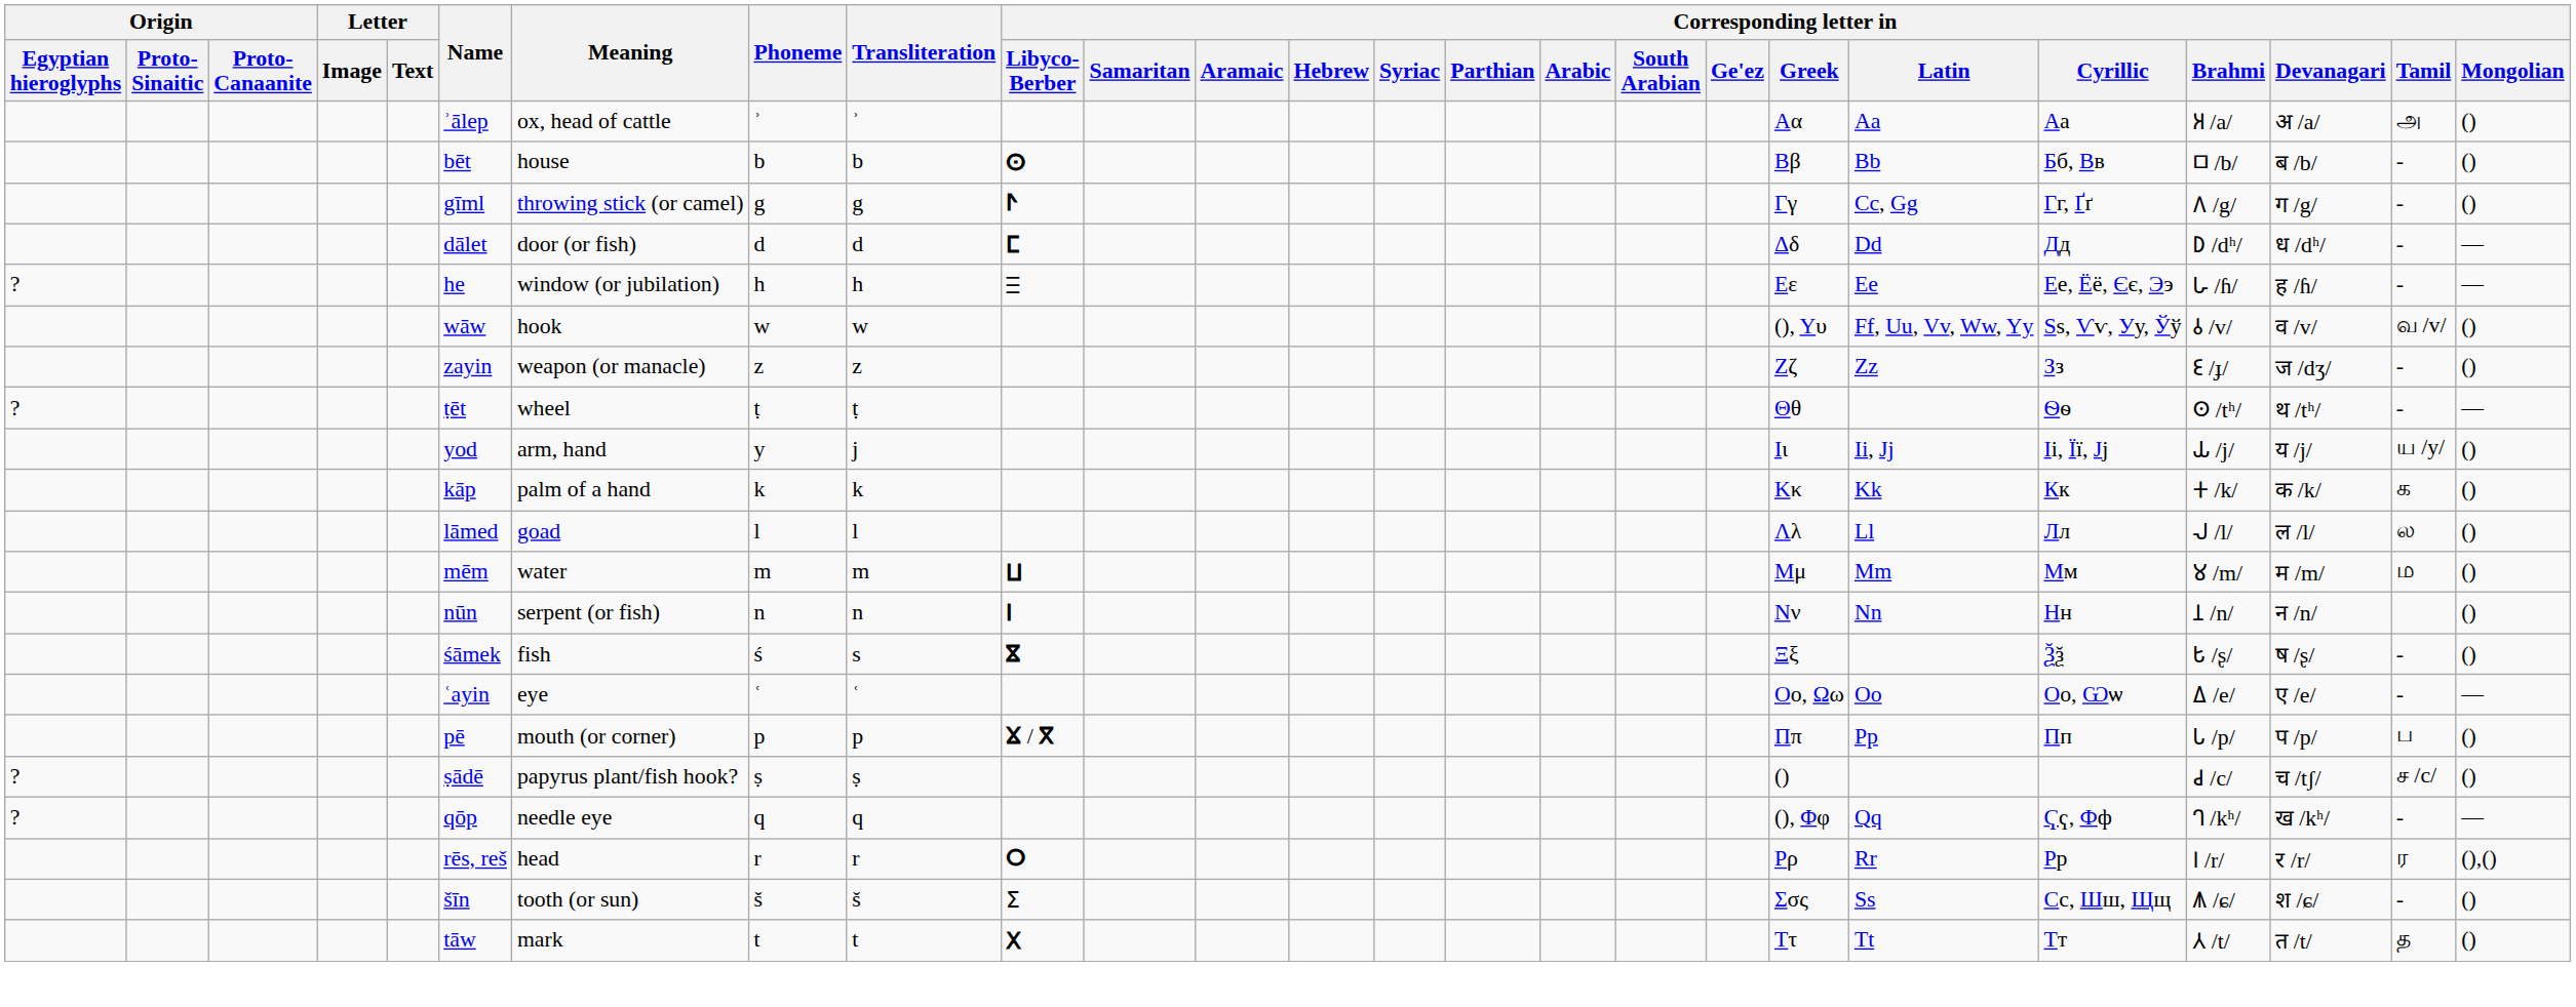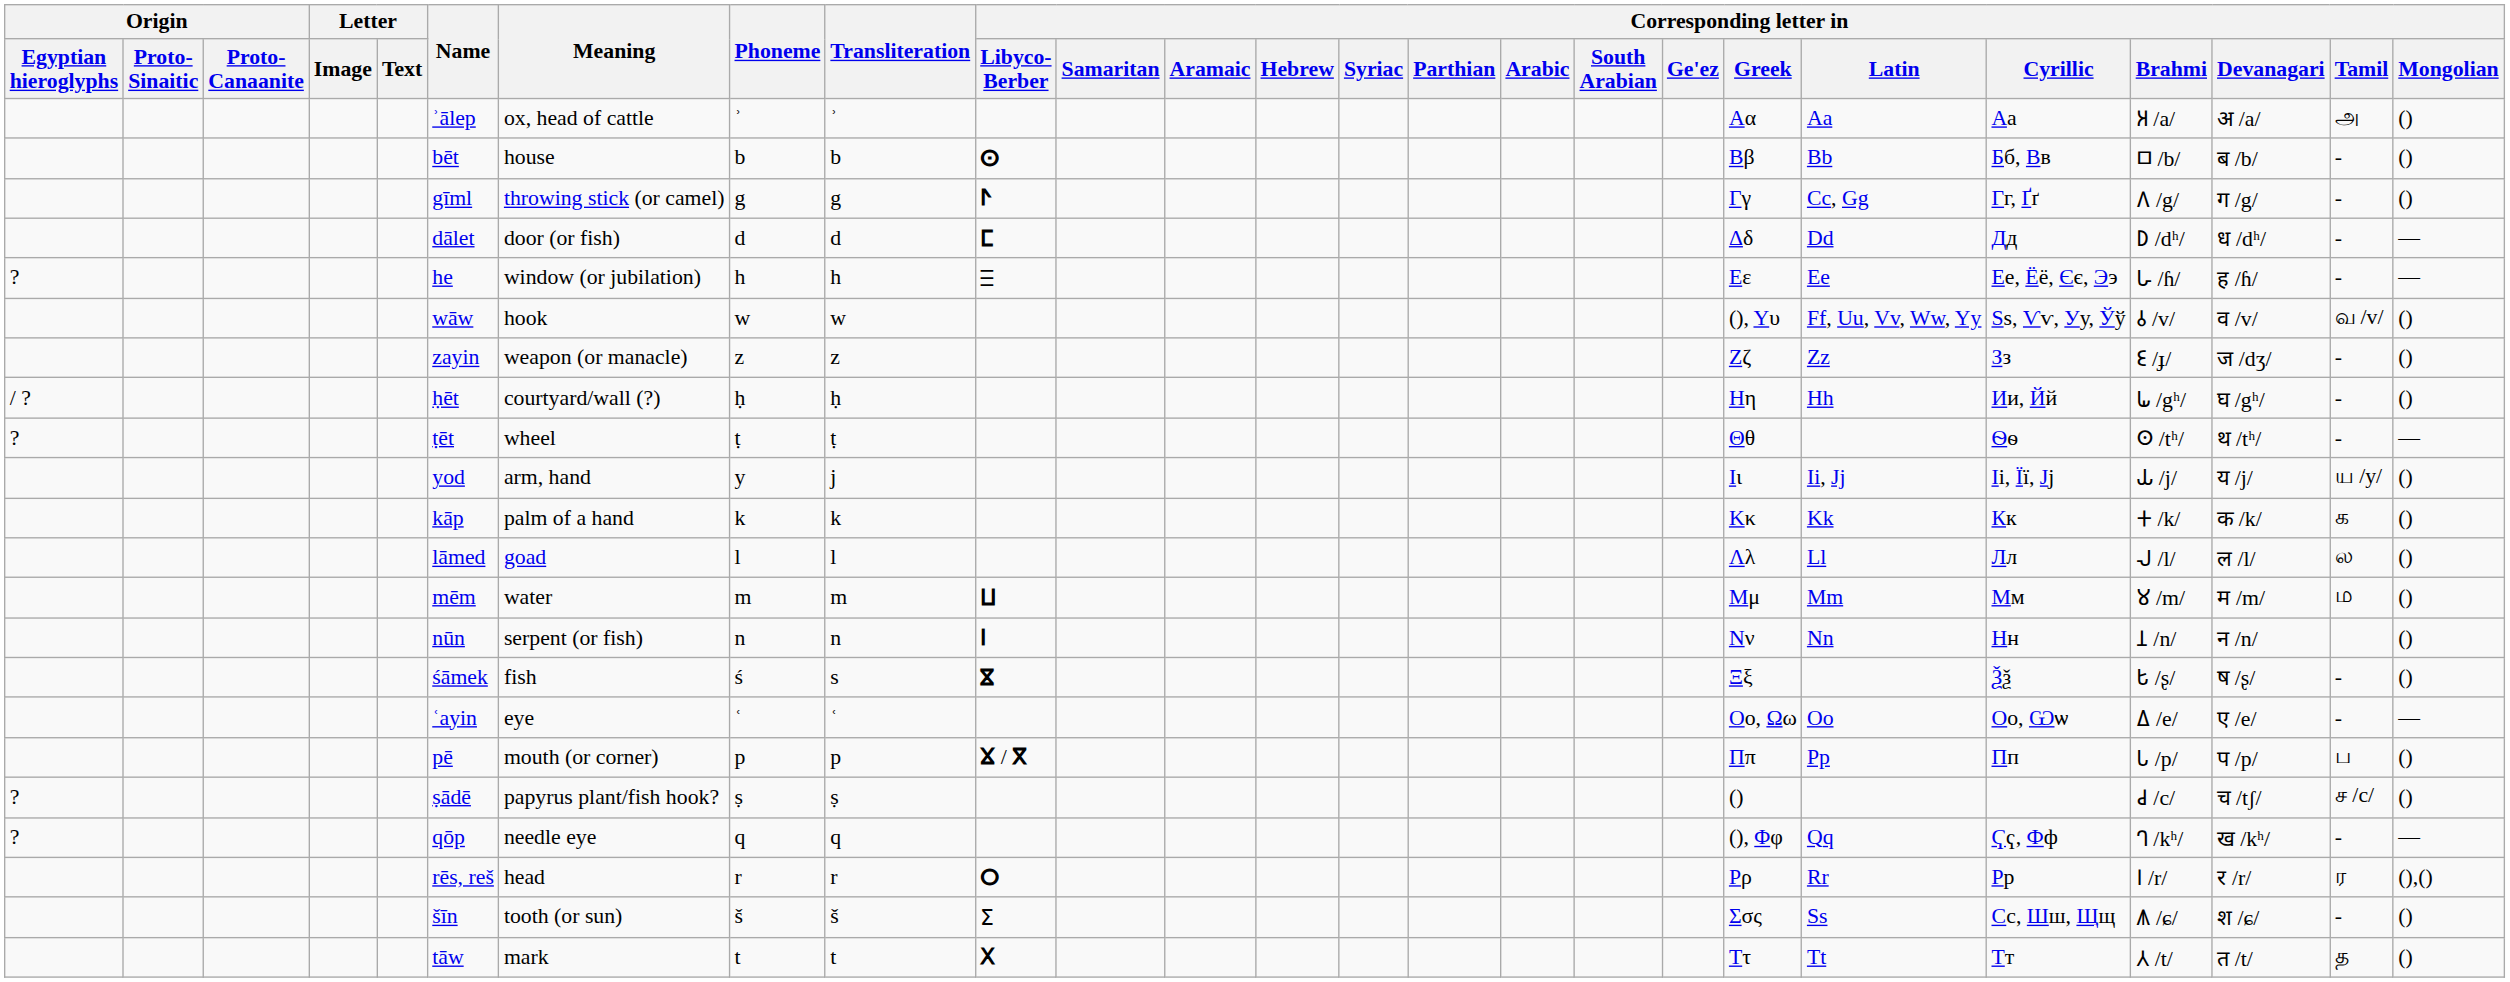 <table class="wikitable" id="letters_chart" style="margin-bottom:0;">
 <tr>
 <th colspan="3">Origin</th>
 <th colspan="2">Letter</th>
 <th rowspan="2">Name</th>
 <th rowspan="2">Meaning</th>
 <th rowspan="2"><a href='#'>Phoneme</a></th>
 <th rowspan="2"><a href='#'>Trans­literation</a></th>
 <th colspan="16">Corresponding letter in</th>
 </tr>
 <tr>
 <th><a href='#'>Egyptian<br>hieroglyphs</a></th>
 <th><a href='#'>Proto-<br>Sinaitic</a></th>
 <th><a href='#'>Proto-<br>Canaanite</a></th>
 <th>Image</th>
 <th>Text</th>
 <th><a href='#'>Libyco-<br>Berber</a></th>
 <th><a href='#'>Samaritan</a></th>
 <th><a href='#'>Aramaic</a></th>
 <th><a href='#'>Hebrew</a></th>
 <th><a href='#'>Syriac</a></th>
 <th><a href='#'>Parthian</a></th>
 <th><a href='#'>Arabic</a></th>
 <th><a href='#'>South<br>Arabian</a></th>
 <th><a href='#'>Ge'ez</a></th>
 <th><a href='#'>Greek</a></th>
 <th><a href='#'>Latin</a></th>
 <th><a href='#'>Cyrillic</a></th>
 <th><a href='#'>Brahmi</a></th>
 <th><a href='#'>Devana­gari</a></th>
 <th><a href='#'>Tamil</a></th>
 <th><a href='#'>Mongolian</a></th>
 </tr>
 <tr>
 <td></td>
 <td></td>
 <td></td>
 <td></td>
 <td></td>
 <td><a href='#'>ʾālep</a></td>
 <td>ox, head of cattle</td>
 <td>ʾ </td>
 <td>ʾ</td>
 <td></td>
 <td></td>
 <td></td>
 <td></td>
 <td></td>
 <td></td>
 <td></td>
 <td></td>
 <td></td>
 <td><a href='#'>Α</a>α</td>
 <td><a href='#'>Aa</a></td>
 <td><a href='#'>А</a>а</td>
 <td>𑀅 /a/</td>
 <td>अ /a/</td>
 <td>அ</td>
 <td>(<em></em>)</td>
 </tr>
 <tr>
 <td></td>
 <td></td>
 <td></td>
 <td></td>
 <td></td>
 <td><a href='#'>bēt</a></td>
 <td>house</td>
 <td>b </td>
 <td>b</td>
 <td><strong>ⵙ</strong></td>
 <td></td>
 <td></td>
 <td></td>
 <td></td>
 <td></td>
 <td></td>
 <td></td>
 <td></td>
 <td><a href='#'>Β</a>β</td>
 <td><a href='#'>Bb</a></td>
 <td><a href='#'>Б</a>б, <a href='#'>В</a>в</td>
 <td>𑀩 /b/</td>
 <td>ब /b/</td>
 <td>-</td>
 <td>(<em></em>)</td>
 </tr>
 <tr>
 <td></td>
 <td></td>
 <td></td>
 <td></td>
 <td></td>
 <td><a href='#'>gīml</a></td>
 <td><a href='#'>throwing stick</a> (or camel)</td>
 <td>g </td>
 <td>g</td>
 <td><strong>ⵤ</strong></td>
 <td></td>
 <td></td>
 <td></td>
 <td></td>
 <td></td>
 <td></td>
 <td></td>
 <td></td>
 <td><a href='#'>Γ</a>γ</td>
 <td><a href='#'>Cc</a>, <a href='#'>Gg</a></td>
 <td><a href='#'>Г</a>г, <a href='#'>Ґ</a>ґ</td>
 <td>𑀕 /g/</td>
 <td>ग /g/</td>
 <td>-</td>
 <td>(<em></em>)</td>
 </tr>
 <tr>
 <td></td>
 <td> </td>
 <td></td>
 <td></td>
 <td></td>
 <td><a href='#'>dālet</a></td>
 <td>door (or fish)</td>
 <td>d </td>
 <td>d</td>
 <td><strong>ⵎ</strong></td>
 <td></td>
 <td></td>
 <td></td>
 <td></td>
 <td></td>
 <td></td>
 <td></td>
 <td></td>
 <td><a href='#'>Δ</a>δ</td>
 <td><a href='#'>Dd</a></td>
 <td><a href='#'>Д</a>д</td>
 <td>𑀥 /dʰ/</td>
 <td>ध /dʰ/</td>
 <td>-</td>
 <td>—</td>
 </tr>
 <tr>
 <td>?</td>
 <td></td>
 <td></td>
 <td></td>
 <td></td>
 <td><a href='#'>he</a></td>
 <td>window (or jubilation)</td>
 <td>h </td>
 <td>h</td>
 <td>Ⲷ</td>
 <td></td>
 <td></td>
 <td></td>
 <td></td>
 <td></td>
 <td></td>
 <td></td>
 <td></td>
 <td><a href='#'>Ε</a>ε</td>
 <td><a href='#'>Ee</a></td>
 <td><a href='#'>Е</a>е, <a href='#'>Ё</a>ё, <a href='#'>Є</a>є, <a href='#'>Э</a>э</td>
 <td>𑀳 /ɦ/</td>
 <td>ह /ɦ/</td>
 <td>-</td>
 <td>—</td>
 </tr>
 <tr>
 <td></td>
 <td></td>
 <td></td>
 <td></td>
 <td></td>
 <td><a href='#'>wāw</a></td>
 <td>hook</td>
 <td>w </td>
 <td>w</td>
 <td></td>
 <td></td>
 <td></td>
 <td></td>
 <td></td>
 <td></td>
 <td></td>
 <td></td>
 <td></td>
 <td>(), <a href='#'>Υ</a>υ</td>
 <td><a href='#'>Ff</a>, <a href='#'>Uu</a>, <a href='#'>Vv</a>, <a href='#'>Ww</a>, <a href='#'>Yy</a></td>
 <td><a href='#'>Ѕ</a>ѕ, <a href='#'>Ѵ</a>ѵ, <a href='#'>У</a>у, <a href='#'>Ў</a>ў</td>
 <td>𑀯 /v/</td>
 <td>व /v/</td>
 <td>வ /v/</td>
 <td>(<em></em>)</td>
 </tr>
 <tr>
 <td></td>
 <td></td>
 <td></td>
 <td></td>
 <td></td>
 <td><a href='#'>zayin</a></td>
 <td>weapon (or manacle)</td>
 <td>z </td>
 <td>z</td>
 <td></td>
 <td></td>
 <td></td>
 <td></td>
 <td></td>
 <td></td>
 <td></td>
 <td></td>
 <td></td>
 <td><a href='#'>Ζ</a>ζ</td>
 <td><a href='#'>Zz</a></td>
 <td><a href='#'>З</a>з</td>
 <td>𑀚 /ɟ/</td>
 <td>ज /dʒ/</td>
+<td>-</td>
+<td>(<em></em>)</td>
+</tr>
+<tr>
+<td> / ?</td>
+<td></td>
+<td></td>
+<td></td>
+<td></td>
+<td><a href='#'>ḥēt</a></td>
+<td>courtyard/<wbr>wall (?)</td>
+<td>ḥ </td>
+<td>ḥ</td>
+<td></td>
+<td></td>
+<td></td>
+<td></td>
+<td></td>
+<td></td>
+<td></td>
+<td></td>
+<td></td>
+<td><a href='#'>Η</a>η</td>
+<td><a href='#'>Hh</a></td>
+<td><a href='#'>И</a>и, <a href='#'>Й</a>й</td>
+<td>𑀖 /gʰ/</td>
+<td>घ /gʰ/</td>
 <td>-</td>
 <td>(<em></em>)</td>
 </tr>
 <tr>
 <td>?</td>
 <td></td>
 <td></td>
 <td></td>
 <td></td>
 <td><a href='#'>ṭēt</a></td>
 <td>wheel</td>
 <td>ṭ </td>
 <td>ṭ</td>
 <td></td>
 <td></td>
 <td></td>
 <td></td>
 <td></td>
 <td></td>
 <td></td>
 <td></td>
 <td></td>
 <td><a href='#'>Θ</a>θ</td>
 <td></td>
 <td><a href='#'>Ѳ</a>ѳ</td>
 <td>𑀣 /tʰ/</td>
 <td>थ /tʰ/</td>
 <td>-</td>
 <td>—</td>
 </tr>
 <tr>
 <td></td>
 <td> </td>
 <td></td>
 <td></td>
 <td></td>
 <td><a href='#'>yod</a></td>
 <td>arm, hand</td>
 <td>y </td>
 <td>j</td>
 <td></td>
 <td></td>
 <td></td>
 <td></td>
 <td></td>
 <td></td>
 <td></td>
 <td></td>
 <td></td>
 <td><a href='#'>Ι</a>ι</td>
 <td><a href='#'>Ιi</a>, <a href='#'>Jj</a></td>
 <td><a href='#'>І</a>і, <a href='#'>Ї</a>ї, <a href='#'>Ј</a>ј</td>
 <td>𑀬 /j/</td>
 <td>य /j/</td>
 <td>ய /y/</td>
 <td>(<em></em>)</td>
 </tr>
 <tr>
 <td></td>
 <td></td>
 <td></td>
 <td></td>
 <td></td>
 <td><a href='#'>kāp</a></td>
 <td>palm of a hand</td>
 <td>k </td>
 <td>k</td>
 <td></td>
 <td></td>
 <td></td>
 <td></td>
 <td></td>
 <td></td>
 <td></td>
 <td></td>
 <td></td>
 <td><a href='#'>Κ</a>κ</td>
 <td><a href='#'>Kk</a></td>
 <td><a href='#'>К</a>к</td>
 <td>𑀓 /k/</td>
 <td>क /k/</td>
 <td>க</td>
 <td>(<em></em>)</td>
 </tr>
 <tr>
 <td></td>
 <td></td>
 <td></td>
 <td></td>
 <td></td>
 <td><a href='#'>lāmed</a></td>
 <td><a href='#'>goad</a></td>
 <td>l </td>
 <td>l</td>
 <td></td>
 <td></td>
 <td></td>
 <td></td>
 <td></td>
 <td></td>
 <td></td>
 <td></td>
 <td></td>
 <td><a href='#'>Λ</a>λ</td>
 <td><a href='#'>Ll</a></td>
 <td><a href='#'>Л</a>л</td>
 <td>𑀮 /l/</td>
 <td>ल /l/</td>
 <td>ல</td>
 <td>(<em></em>)</td>
 </tr>
 <tr>
 <td></td>
 <td></td>
 <td></td>
 <td></td>
 <td></td>
 <td><a href='#'>mēm</a></td>
 <td>water</td>
 <td>m </td>
 <td>m</td>
 <td><strong>ⵡ</strong></td>
 <td></td>
 <td></td>
 <td></td>
 <td></td>
 <td></td>
 <td></td>
 <td></td>
 <td></td>
 <td><a href='#'>Μ</a>μ</td>
 <td><a href='#'>Mm</a></td>
 <td><a href='#'>М</a>м</td>
 <td>𑀫 /m/</td>
 <td>म /m/</td>
 <td>ம</td>
 <td>(<em></em>)</td>
 </tr>
 <tr>
 <td></td>
 <td></td>
 <td></td>
 <td></td>
 <td></td>
 <td><a href='#'>nūn</a></td>
 <td>serpent (or fish)</td>
 <td>n </td>
 <td>n</td>
 <td><strong>ⵏ</strong></td>
 <td></td>
 <td></td>
 <td></td>
 <td></td>
 <td></td>
 <td></td>
 <td></td>
 <td></td>
 <td><a href='#'>Ν</a>ν</td>
 <td><a href='#'>Nn</a></td>
 <td><a href='#'>Н</a>н</td>
 <td>𑀦 /n/</td>
 <td>न /n/</td>
 <td></td>
 <td>(<em></em>)</td>
 </tr>
 <tr>
 <td></td>
 <td> </td>
 <td></td>
 <td></td>
 <td></td>
 <td><a href='#'>śāmek</a></td>
 <td>fish</td>
 <td>ś </td>
 <td>s</td>
 <td><strong>ⴵ</strong></td>
 <td></td>
 <td></td>
 <td></td>
 <td></td>
 <td></td>
 <td></td>
 <td></td>
 <td></td>
 <td><a href='#'>Ξ</a>ξ</td>
 <td></td>
 <td><a href='#'>Ѯ</a>ѯ</td>
 <td>𑀱 /ʂ/</td>
 <td>ष /ʂ/</td>
 <td>-</td>
 <td>(<em></em>)</td>
 </tr>
 <tr>
 <td></td>
 <td></td>
 <td></td>
 <td></td>
 <td></td>
 <td><a href='#'>ʿayin</a></td>
 <td>eye</td>
 <td>ʿ </td>
 <td>ʿ</td>
 <td></td>
 <td></td>
 <td></td>
 <td></td>
 <td></td>
 <td></td>
 <td></td>
 <td></td>
 <td></td>
 <td><a href='#'>Ο</a>ο, <a href='#'>Ω</a>ω</td>
 <td><a href='#'>Oo</a></td>
 <td><a href='#'>О</a>о, <a href='#'>Ѡ</a>ѡ</td>
 <td>𑀏 /e/</td>
 <td>ए /e/</td>
 <td>-</td>
 <td>—</td>
 </tr>
 <tr>
 <td></td>
 <td></td>
 <td></td>
 <td></td>
 <td></td>
 <td><a href='#'>pē</a></td>
 <td>mouth (or corner)</td>
 <td>p </td>
 <td>p</td>
 <td><strong>ⴴ</strong> / <strong>ⴳ</strong></td>
 <td></td>
 <td></td>
 <td></td>
 <td></td>
 <td></td>
 <td></td>
 <td></td>
 <td></td>
 <td><a href='#'>Π</a>π</td>
 <td><a href='#'>Pp</a></td>
 <td><a href='#'>П</a>п</td>
 <td>𑀧 /p/</td>
 <td>प /p/</td>
 <td>ப</td>
 <td>(<em></em>)</td>
 </tr>
 <tr>
 <td>?</td>
 <td></td>
 <td></td>
 <td></td>
 <td></td>
 <td><a href='#'>ṣādē</a></td>
 <td>papyrus plant/<wbr>fish hook?</td>
 <td>ṣ </td>
 <td>ṣ</td>
 <td></td>
 <td></td>
 <td></td>
 <td></td>
 <td></td>
 <td></td>
 <td></td>
 <td></td>
 <td></td>
 <td>()</td>
 <td></td>
 <td></td>
 <td>𑀘 /c/</td>
 <td>च /tʃ/</td>
 <td>ச	/c/</td>
 <td>(<em></em>)</td>
 </tr>
 <tr>
 <td>?</td>
 <td></td>
 <td></td>
 <td></td>
 <td></td>
 <td><a href='#'>qōp</a></td>
 <td>needle eye</td>
 <td>q </td>
 <td>q</td>
 <td></td>
 <td></td>
 <td></td>
 <td></td>
 <td></td>
 <td></td>
 <td></td>
 <td></td>
 <td></td>
 <td>(), <a href='#'>Φ</a>φ</td>
 <td><a href='#'>Qq</a></td>
 <td><a href='#'>Ҁ</a>ҁ, <a href='#'>Ф</a>ф</td>
 <td>𑀔 /kʰ/</td>
 <td>ख /kʰ/</td>
 <td>-</td>
 <td>—</td>
 </tr>
 <tr>
 <td></td>
 <td></td>
 <td></td>
 <td></td>
 <td></td>
 <td><a href='#'>rēs, reš</a></td>
 <td>head</td>
 <td>r </td>
 <td>r</td>
 <td><strong>ⵔ</strong></td>
 <td></td>
 <td></td>
 <td></td>
 <td></td>
 <td></td>
 <td></td>
 <td></td>
 <td></td>
 <td><a href='#'>Ρ</a>ρ</td>
 <td><a href='#'>Rr</a></td>
 <td><a href='#'>Р</a>р</td>
 <td>𑀭 /r/</td>
 <td>र /r/</td>
 <td>ர</td>
 <td>(<em></em>),(<em></em>)</td>
 </tr>
 <tr>
 <td></td>
 <td></td>
 <td></td>
 <td></td>
 <td></td>
 <td><a href='#'>šīn</a></td>
 <td>tooth (or sun)</td>
 <td>š </td>
 <td>š</td>
 <td>ⵉ</td>
 <td></td>
 <td></td>
 <td></td>
 <td></td>
 <td></td>
 <td></td>
 <td></td>
 <td></td>
 <td><a href='#'>Σ</a>σς</td>
 <td><a href='#'>Ss</a></td>
 <td><a href='#'>С</a>с, <a href='#'>Ш</a>ш, <a href='#'>Щ</a>щ</td>
 <td>𑀰 /ɕ/</td>
 <td>श /ɕ/</td>
 <td>-</td>
 <td>(<em></em>)</td>
 </tr>
 <tr>
 <td></td>
 <td></td>
 <td></td>
 <td></td>
 <td></td>
 <td><a href='#'>tāw</a></td>
 <td>mark</td>
 <td>t </td>
 <td>t</td>
 <td><strong>ⵝ</strong></td>
 <td></td>
 <td></td>
 <td></td>
 <td></td>
 <td></td>
 <td></td>
 <td></td>
 <td></td>
 <td><a href='#'>Τ</a>τ</td>
 <td><a href='#'>Tt</a></td>
 <td><a href='#'>Т</a>т</td>
 <td>𑀢 /t/</td>
 <td>त /t/</td>
 <td>த</td>
 <td>(<em></em>)</td>
 </tr>
 </table>
